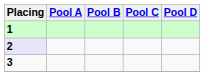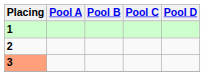 <table class=wikitable style="border:1px solid #AAAAAA;">
 <tr>
 <th>Placing</th>
 <th><a href='#'>Pool A</a></th>
 <th><a href='#'>Pool B</a></th>
 <th><a href='#'>Pool C</a></th>
 <th><a href='#'>Pool D</a></th>
 </tr>
 <tr style="background: #ccffcc;">
 <td><strong>1</strong></td>
 <td></td>
 <td></td>
 <td></td>
 <td></td>
 </tr>
 <tr>
-<td style="background: lavender;"><strong>2</strong></td>
+<td><strong>2</strong></td>
 <td></td>
 <td></td>
 <td></td>
 <td></td>
 </tr>
 <tr>
-<td><strong>3</strong></td>
+<td style="background: lightsalmon;"><strong>3</strong></td>
 <td></td>
 <td></td>
 <td></td>
 <td></td>
 </tr>
 <tr>
 </tr>
 </table>
